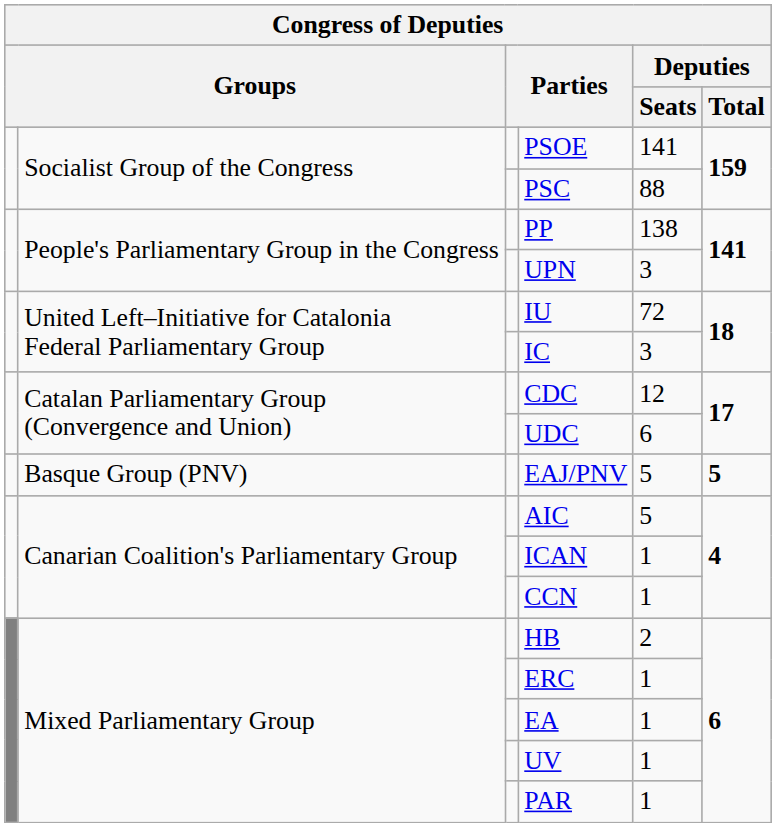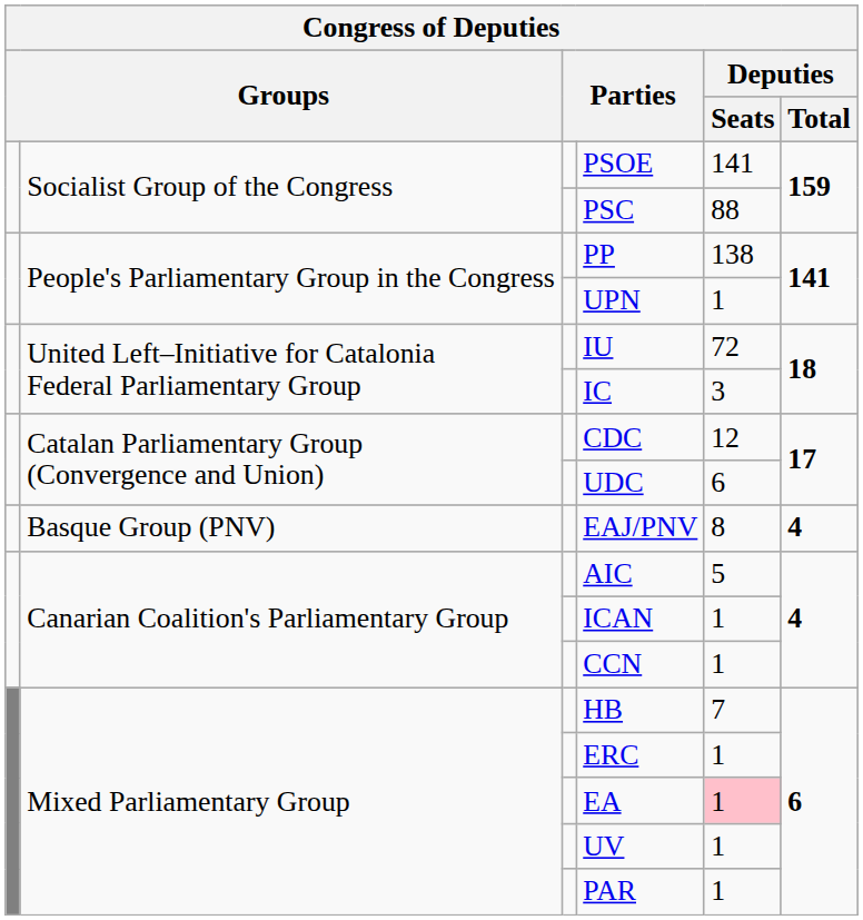 <table class="wikitable" style="text-align:left;">
 <tr>
 <th colspan="6">Congress of Deputies</th>
 </tr>
 <tr>
 <th rowspan="2" colspan="2">Groups</th>
 <th rowspan="2" colspan="2">Parties</th>
 <th colspan="2">Deputies</th>
 </tr>
 <tr>
 <th>Seats</th>
 <th>Total</th>
 </tr>
 <tr>
 <td width="1" rowspan="2"></td>
 <td rowspan="2">Socialist Group of the Congress</td>
 <td width="1" style="color:inherit;background:"></td>
 <td><a href='#'>PSOE</a></td>
 <td>141</td>
 <td rowspan="2"><strong>159</strong></td>
 </tr>
 <tr>
 <td style="color:inherit;background:"></td>
 <td><a href='#'>PSC</a></td>
 <td>88</td>
 </tr>
 <tr>
 <td rowspan="2" style="color:inherit;background:"></td>
 <td rowspan="2">People's Parliamentary Group in the Congress</td>
 <td style="color:inherit;background:"></td>
 <td><a href='#'>PP</a></td>
 <td>138</td>
 <td rowspan="2"><strong>141</strong></td>
 </tr>
 <tr>
 <td style="color:inherit;background:"></td>
 <td><a href='#'>UPN</a></td>
-<td>3</td>
+<td>1</td>
 </tr>
 <tr>
 <td rowspan="2" style="color:inherit;background:"></td>
 <td rowspan="2">United Left–Initiative for Catalonia<br>Federal Parliamentary Group</td>
 <td style="color:inherit;background:"></td>
 <td><a href='#'>IU</a></td>
 <td>72</td>
 <td rowspan="2"><strong>18</strong></td>
 </tr>
 <tr>
 <td style="color:inherit;background:"></td>
 <td><a href='#'>IC</a></td>
 <td>3</td>
 </tr>
 <tr>
 <td rowspan="2" style="color:inherit;background:"></td>
 <td rowspan="2">Catalan Parliamentary Group<br>(Convergence and Union)</td>
 <td style="color:inherit;background:"></td>
 <td><a href='#'>CDC</a></td>
 <td>12</td>
 <td rowspan="2"><strong>17</strong></td>
 </tr>
 <tr>
 <td style="color:inherit;background:"></td>
 <td><a href='#'>UDC</a></td>
 <td>6</td>
 </tr>
 <tr>
 <td style="color:inherit;background:"></td>
 <td>Basque Group (PNV)</td>
 <td style="color:inherit;background:"></td>
 <td><a href='#'>EAJ/PNV</a></td>
-<td>5</td>
-<td><strong>5</strong></td>
+<td>8</td>
+<td><strong>4</strong></td>
 </tr>
 <tr>
 <td rowspan="3" style="color:inherit;background:"></td>
 <td rowspan="3">Canarian Coalition's Parliamentary Group</td>
 <td style="color:inherit;background:"></td>
 <td><a href='#'>AIC</a></td>
 <td>5</td>
 <td rowspan="3"><strong>4</strong></td>
 </tr>
 <tr>
 <td style="color:inherit;background:"></td>
 <td><a href='#'>ICAN</a></td>
 <td>1</td>
 </tr>
 <tr>
 <td style="color:inherit;background:"></td>
 <td><a href='#'>CCN</a></td>
 <td>1</td>
 </tr>
 <tr>
 <td rowspan="5" bgcolor="gray"></td>
 <td rowspan="5">Mixed Parliamentary Group</td>
 <td style="color:inherit;background:"></td>
 <td><a href='#'>HB</a></td>
-<td>2</td>
+<td>7</td>
 <td rowspan="5"><strong>6</strong></td>
 </tr>
 <tr>
 <td style="color:inherit;background:"></td>
 <td><a href='#'>ERC</a></td>
 <td>1</td>
 </tr>
 <tr>
 <td style="color:inherit;background:"></td>
 <td><a href='#'>EA</a></td>
-<td>1</td>
+<td style="background: pink;">1</td>
 </tr>
 <tr>
 <td style="color:inherit;background:"></td>
 <td><a href='#'>UV</a></td>
 <td>1</td>
 </tr>
 <tr>
 <td style="color:inherit;background:"></td>
 <td><a href='#'>PAR</a></td>
 <td>1</td>
 </tr>
 </table>
